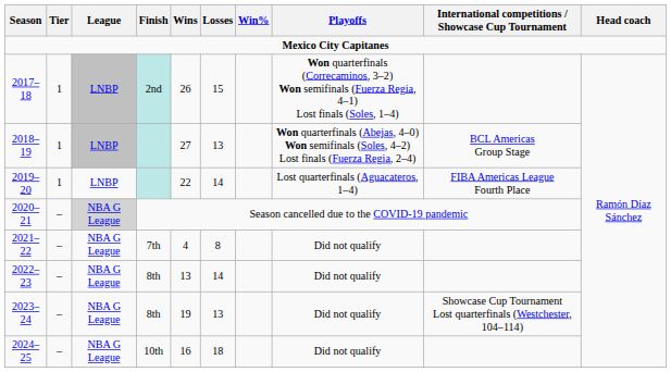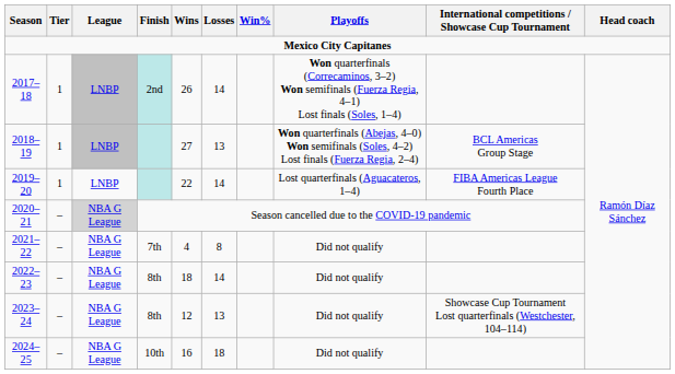 <table class="wikitable plainrowheaders" style="text-align:center; font-size:90%" summary="Season (sortable), Team, Conference, Conference finish (sortable), Division, Division finish (sortable), Wins (sortable), Losses (sortable), Win% (sortable), GB (sortable), Playoffs, Awards and Head coach">
 <tr>
 <th scope="col">Season</th>
 <th scope="col">Tier</th>
 <th scope="col">League</th>
 <th scope="col">Finish</th>
 <th scope="col">Wins</th>
 <th scope="col">Losses</th>
 <th scope="col"><a href='#'>Win%</a></th>
 <th scope="col" class="unsortable"><a href='#'>Playoffs</a></th>
 <th scope="col" class="unsortable">International competitions /<br>Showcase Cup Tournament</th>
 <th scope="col">Head coach</th>
 </tr>
 <tr>
 <td colspan="12" align=center><strong>Mexico City Capitanes</strong></td>
 </tr>
 <tr>
 <td><a href='#'>2017–18</a></td>
 <td>1</td>
 <td bgcolor=silver><a href='#'>LNBP</a></td>
 <td bgcolor=#bce8e8>2nd</td>
 <td>26</td>
-<td>15</td>
+<td>14</td>
 <td></td>
 <td><strong>Won</strong> quarterfinals (<a href='#'>Correcaminos</a>, 3–2)<br><strong>Won</strong> semifinals (<a href='#'>Fuerza Regia</a>, 4–1)<br>Lost finals (<a href='#'>Soles</a>, 1–4)</td>
 <td></td>
 <td rowspan=8><a href='#'>Ramón Díaz Sánchez</a></td>
 </tr>
 <tr>
 <td><a href='#'>2018–19</a></td>
 <td>1</td>
 <td bgcolor=silver><a href='#'>LNBP</a></td>
 <td bgcolor="bce8e8"></td>
 <td>27</td>
 <td>13</td>
 <td></td>
 <td><strong>Won</strong> quarterfinals (<a href='#'>Abejas</a>, 4–0)<br><strong>Won</strong> semifinals (<a href='#'>Soles</a>, 4–2)<br>Lost finals (<a href='#'>Fuerza Regia</a>, 2–4)</td>
 <td><a href='#'>BCL Americas</a><br>Group Stage</td>
 </tr>
 <tr>
 <td><a href='#'>2019–20</a></td>
 <td>1</td>
 <td><a href='#'>LNBP</a></td>
 <td bgcolor="bce8e8"></td>
 <td>22</td>
 <td>14</td>
 <td></td>
 <td>Lost quarterfinals (<a href='#'>Aguacateros</a>, 1–4)</td>
 <td><a href='#'>FIBA Americas League</a><br>Fourth Place</td>
 </tr>
 <tr>
 <td><a href='#'>2020–21</a></td>
 <td>–</td>
 <td style="background: lightgrey;"><a href='#'>NBA G League</a></td>
 <td colspan=6>Season cancelled due to the <a href='#'>COVID-19 pandemic</a></td>
 </tr>
 <tr>
 <td><a href='#'>2021–22</a></td>
 <td>–</td>
 <td><a href='#'>NBA G League</a></td>
 <td>7th</td>
 <td>4</td>
 <td>8</td>
 <td></td>
 <td>Did not qualify</td>
 <td></td>
 </tr>
 <tr>
 <td><a href='#'>2022–23</a></td>
 <td>–</td>
 <td><a href='#'>NBA G League</a></td>
 <td>8th</td>
-<td>13</td>
+<td>18</td>
 <td>14</td>
 <td></td>
 <td>Did not qualify</td>
 <td></td>
 </tr>
 <tr>
 <td><a href='#'>2023–24</a></td>
 <td>–</td>
 <td><a href='#'>NBA G League</a></td>
 <td>8th</td>
-<td>19</td>
+<td>12</td>
 <td>13</td>
 <td></td>
 <td>Did not qualify</td>
 <td>Showcase Cup Tournament<br>Lost quarterfinals (<a href='#'>Westchester</a>, 104–114)</td>
 </tr>
 <tr>
 <td><a href='#'>2024–25</a></td>
 <td>–</td>
 <td><a href='#'>NBA G League</a></td>
 <td>10th</td>
 <td>16</td>
 <td>18</td>
 <td></td>
 <td>Did not qualify</td>
 <td></td>
 </tr>
 </table>
